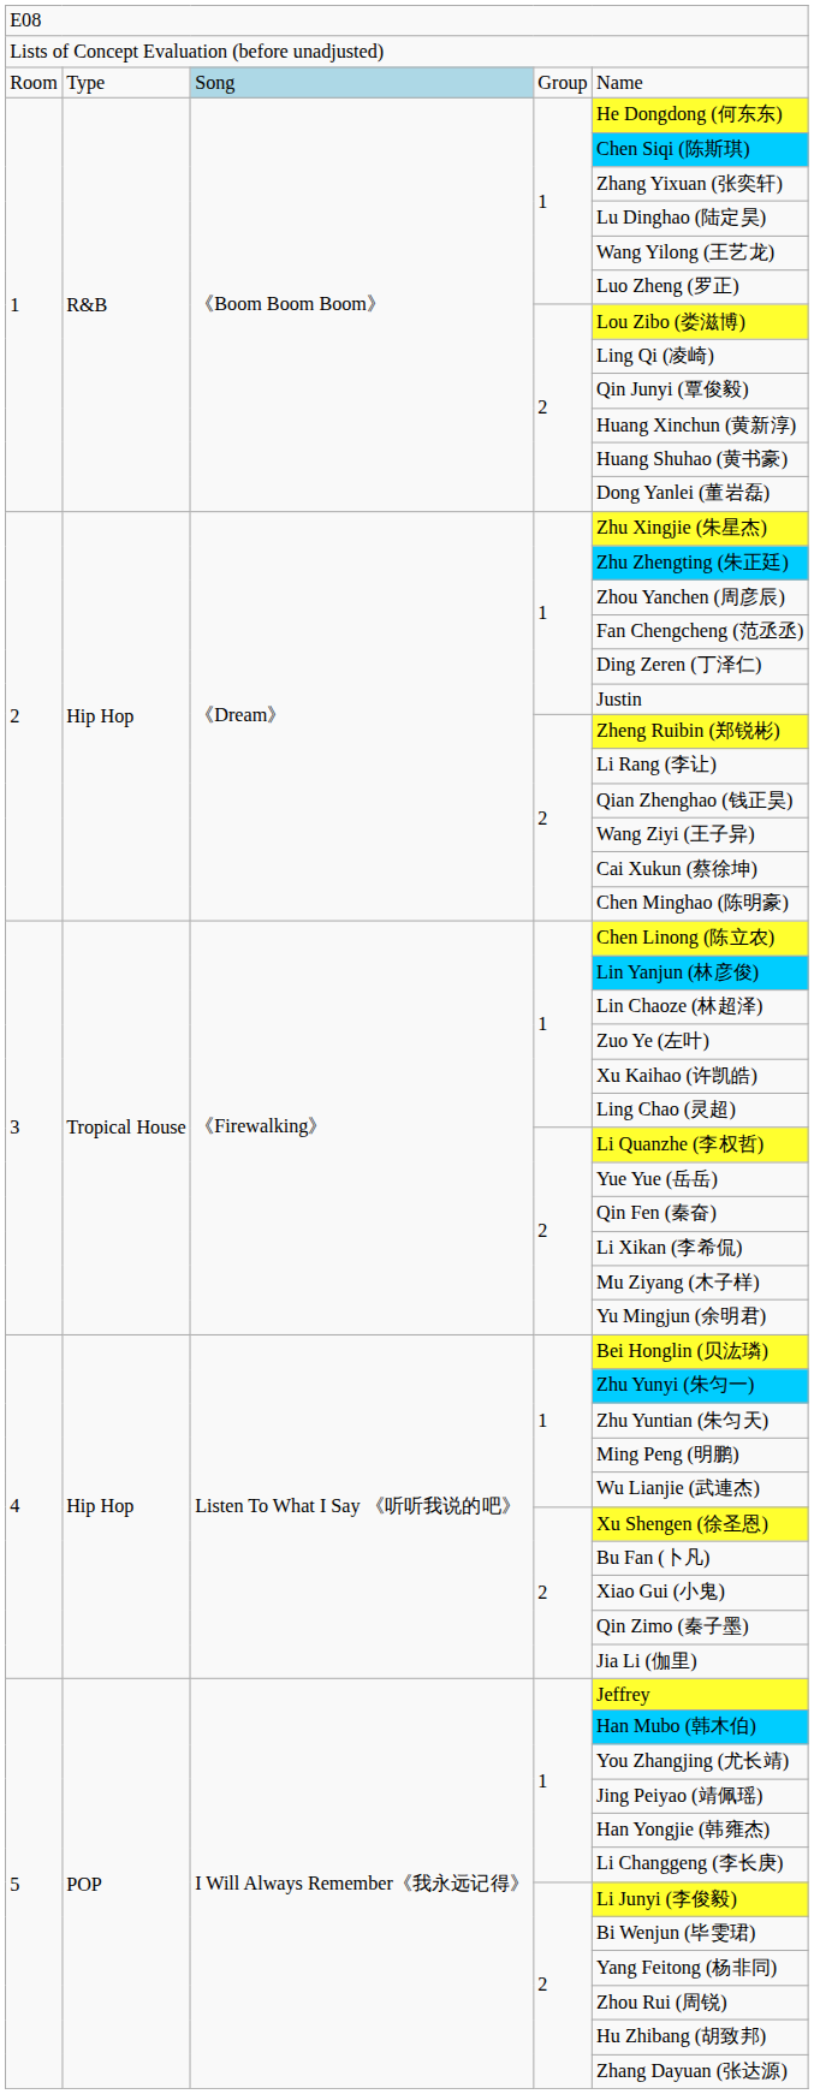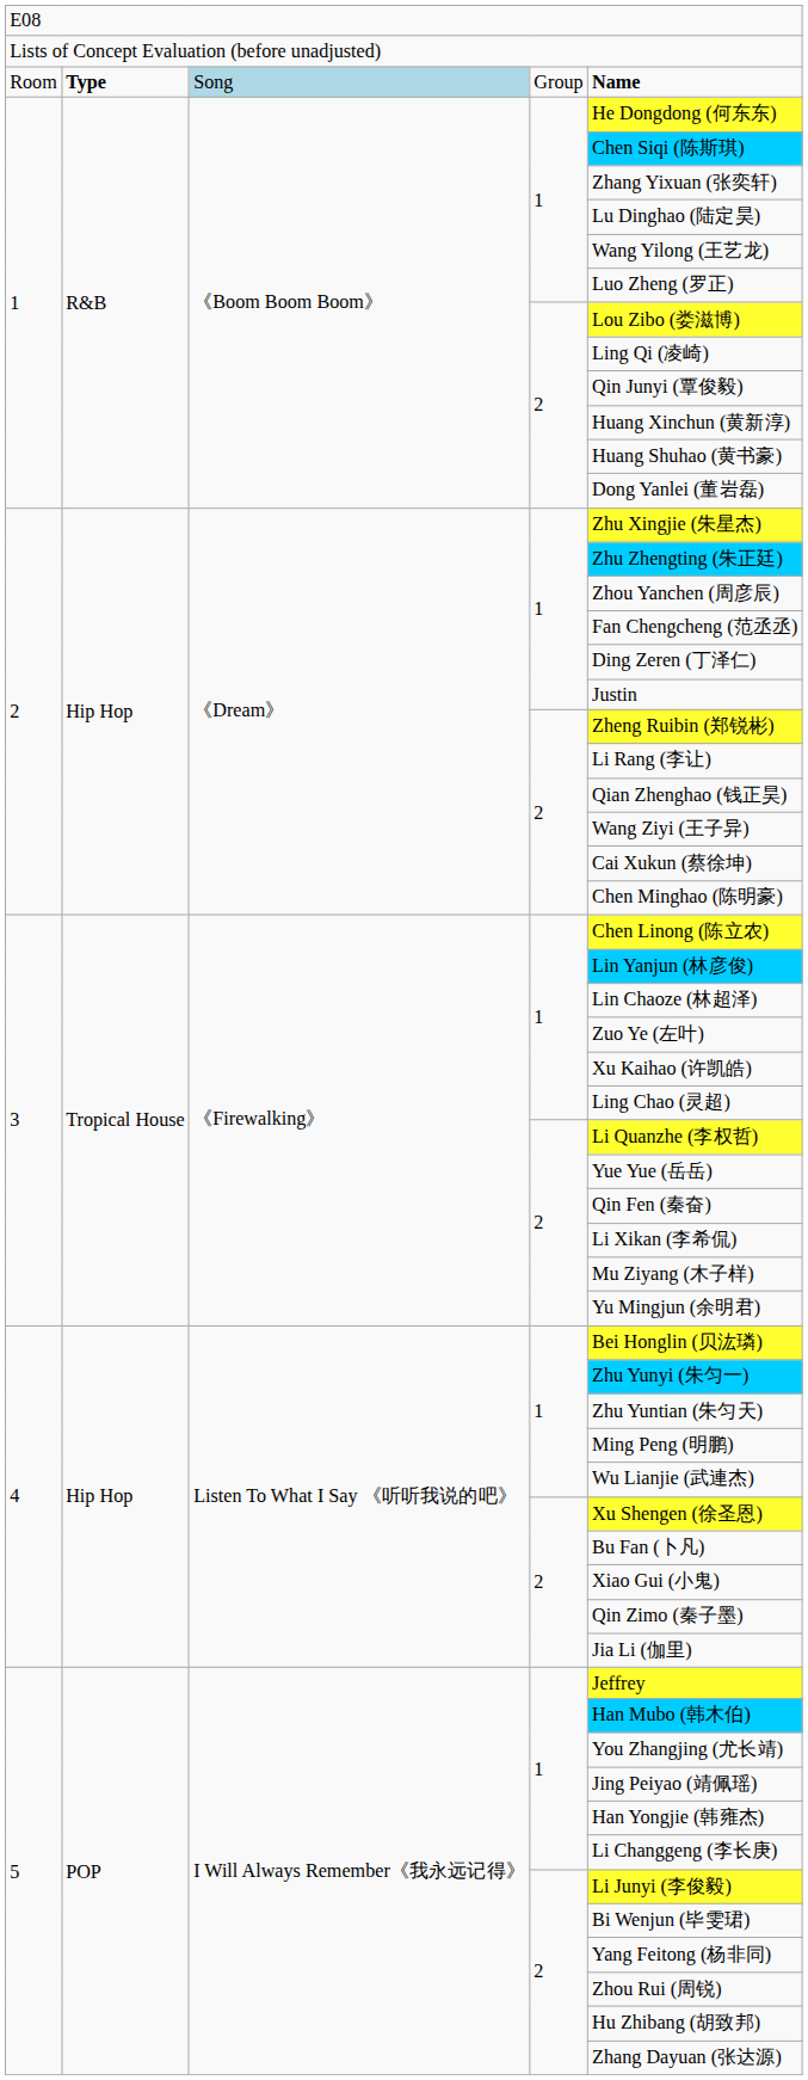 <table class="wikitable mw-collapsible">
 <tr>
 <td colspan="5">E08</td>
 </tr>
 <tr>
 <td colspan="5">Lists of Concept Evaluation (before unadjusted)</td>
 </tr>
 <tr>
 <td>Room</td>
-<td>Type</td>
+<td><strong>Type</strong></td>
 <td style="background: lightblue;">Song</td>
 <td>Group</td>
-<td>Name</td>
+<td><strong>Name</strong></td>
 </tr>
 <tr>
 <td rowspan="12">1</td>
 <td rowspan="12">R&B</td>
 <td rowspan="12">《Boom Boom  Boom》</td>
 <td rowspan="6">1</td>
 <td style=background:#FFFF2F;>He Dongdong (何东东)</td>
 </tr>
 <tr>
 <td style=background:#00CDFF;>Chen Siqi (陈斯琪)</td>
 </tr>
 <tr>
 <td>Zhang Yixuan (张奕轩)</td>
 </tr>
 <tr>
 <td>Lu Dinghao (陆定昊)</td>
 </tr>
 <tr>
 <td>Wang Yilong (王艺龙)</td>
 </tr>
 <tr>
 <td>Luo Zheng (罗正)</td>
 </tr>
 <tr>
 <td rowspan="6">2</td>
 <td style=background:#FFFF2F;>Lou Zibo  (娄滋博)</td>
 </tr>
 <tr>
 <td>Ling Qi (凌崎)</td>
 </tr>
 <tr>
 <td>Qin Junyi (覃俊毅)</td>
 </tr>
 <tr>
 <td>Huang Xinchun (黄新淳)</td>
 </tr>
 <tr>
 <td>Huang Shuhao (黄书豪)</td>
 </tr>
 <tr>
 <td>Dong Yanlei (董岩磊)</td>
 </tr>
 <tr>
 <td rowspan="12">2</td>
 <td rowspan="12">Hip Hop</td>
 <td rowspan="12">《Dream》</td>
 <td rowspan="6">1</td>
 <td style=background:#FFFF2F;>Zhu Xingjie (朱星杰)</td>
 </tr>
 <tr>
 <td style=background:#00CDFF;>Zhu Zhengting (朱正廷)</td>
 </tr>
 <tr>
 <td>Zhou Yanchen (周彦辰)</td>
 </tr>
 <tr>
 <td>Fan Chengcheng (范丞丞)</td>
 </tr>
 <tr>
 <td>Ding Zeren (丁泽仁)</td>
 </tr>
 <tr>
 <td>Justin</td>
 </tr>
 <tr>
 <td rowspan="6">2</td>
 <td style=background:#FFFF2F;>Zheng Ruibin (郑锐彬)</td>
 </tr>
 <tr>
 <td>Li Rang (李让)</td>
 </tr>
 <tr>
 <td>Qian Zhenghao (钱正昊)</td>
 </tr>
 <tr>
 <td>Wang Ziyi (王子异)</td>
 </tr>
 <tr>
 <td>Cai Xukun (蔡徐坤)</td>
 </tr>
 <tr>
 <td>Chen Minghao (陈明豪)</td>
 </tr>
 <tr>
 <td rowspan="12">3</td>
 <td rowspan="12">Tropical House</td>
 <td rowspan="12">《Firewalking》</td>
 <td rowspan="6">1</td>
 <td style=background:#FFFF2F;>Chen Linong (陈立农)</td>
 </tr>
 <tr>
 <td style=background:#00CDFF;>Lin Yanjun (林彦俊)</td>
 </tr>
 <tr>
 <td>Lin Chaoze (林超泽)</td>
 </tr>
 <tr>
 <td>Zuo Ye (左叶)</td>
 </tr>
 <tr>
 <td>Xu Kaihao (许凯皓)</td>
 </tr>
 <tr>
 <td>Ling Chao (灵超)</td>
 </tr>
 <tr>
 <td rowspan="6">2</td>
 <td style=background:#FFFF2F;>Li Quanzhe (李权哲)</td>
 </tr>
 <tr>
 <td>Yue Yue (岳岳)</td>
 </tr>
 <tr>
 <td>Qin Fen (秦奋)</td>
 </tr>
 <tr>
 <td>Li Xikan (李希侃)</td>
 </tr>
 <tr>
 <td>Mu Ziyang (木子样)</td>
 </tr>
 <tr>
 <td>Yu Mingjun (余明君)</td>
 </tr>
 <tr>
 <td rowspan="10">4</td>
 <td rowspan="10">Hip Hop</td>
 <td rowspan="10">Listen To What I Say 《听听我说的吧》</td>
 <td rowspan="5">1</td>
 <td style=background:#FFFF2F;>Bei Honglin (贝汯璘)</td>
 </tr>
 <tr>
 <td style=background:#00CDFF;>Zhu Yunyi (朱匀一)</td>
 </tr>
 <tr>
 <td>Zhu Yuntian (朱匀天)</td>
 </tr>
 <tr>
 <td>Ming Peng (明鹏)</td>
 </tr>
 <tr>
 <td>Wu Lianjie (武連杰)</td>
 </tr>
 <tr>
 <td rowspan="5">2</td>
 <td style=background:#FFFF2F;>Xu Shengen (徐圣恩)</td>
 </tr>
 <tr>
 <td>Bu Fan (卜凡)</td>
 </tr>
 <tr>
 <td>Xiao Gui (小鬼)</td>
 </tr>
 <tr>
 <td>Qin Zimo (秦子墨)</td>
 </tr>
 <tr>
 <td>Jia Li (伽里)</td>
 </tr>
 <tr>
 <td rowspan="12">5</td>
 <td rowspan="12">POP</td>
 <td rowspan="12">I Will Always Remember《我永远记得》</td>
 <td rowspan="6">1</td>
 <td style=background:#FFFF2F;>Jeffrey</td>
 </tr>
 <tr>
 <td style=background:#00CDFF;>Han Mubo (韩木伯)</td>
 </tr>
 <tr>
 <td>You Zhangjing (尤长靖)</td>
 </tr>
 <tr>
 <td>Jing Peiyao (靖佩瑶)</td>
 </tr>
 <tr>
 <td>Han Yongjie (韩雍杰)</td>
 </tr>
 <tr>
 <td>Li Changgeng (李长庚)</td>
 </tr>
 <tr>
 <td rowspan="6">2</td>
 <td style=background:#FFFF2F;>Li Junyi (李俊毅)</td>
 </tr>
 <tr>
 <td>Bi Wenjun (毕雯珺)</td>
 </tr>
 <tr>
 <td>Yang Feitong (杨非同)</td>
 </tr>
 <tr>
 <td>Zhou Rui (周锐)</td>
 </tr>
 <tr>
 <td>Hu Zhibang (胡致邦)</td>
 </tr>
 <tr>
 <td>Zhang Dayuan (张达源)</td>
 </tr>
 </table>
